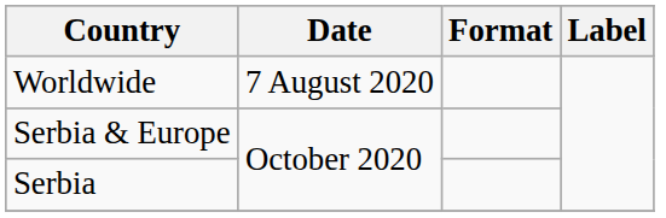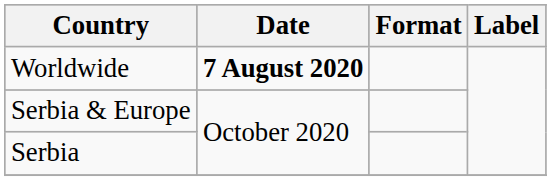 <table class="wikitable plainrowheaders">
 <tr>
 <th scope="col">Country</th>
 <th scope="col">Date</th>
 <th scope="col">Format</th>
 <th scope="col">Label</th>
 </tr>
 <tr>
 <td>Worldwide</td>
-<td>7 August 2020</td>
+<td><strong>7 August 2020</strong></td>
 <td></td>
 <td rowspan="3"></td>
 </tr>
 <tr>
 <td>Serbia & Europe</td>
 <td rowspan="2">October 2020</td>
 <td></td>
 </tr>
 <tr>
 <td>Serbia</td>
 <td></td>
 </tr>
 <tr>
 </tr>
 </table>
